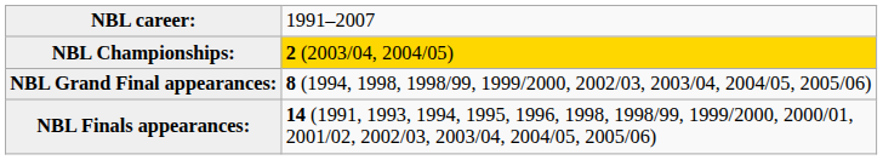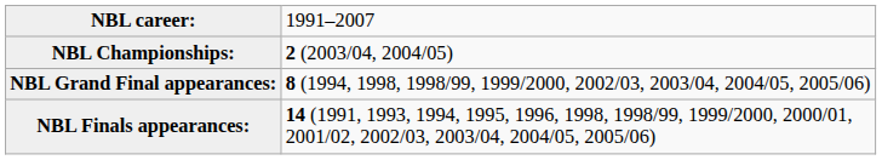 <table class="wikitable">
 <tr align=left>
 <th style="background:#efefef;">NBL career:</th>
 <td>1991–2007</td>
 </tr>
 <tr>
 <th style="background:#efefef;">NBL Championships:</th>
-<td style="background: gold;"><strong>2</strong> (2003/04, 2004/05)</td>
+<td><strong>2</strong> (2003/04, 2004/05)</td>
 </tr>
 <tr>
 <th style="background:#efefef;">NBL Grand Final appearances:</th>
 <td><strong>8</strong> (1994, 1998, 1998/99, 1999/2000, 2002/03, 2003/04, 2004/05, 2005/06)</td>
 </tr>
 <tr>
 <th style="background:#efefef;">NBL Finals appearances:</th>
 <td><strong>14</strong> (1991, 1993, 1994, 1995, 1996, 1998, 1998/99, 1999/2000, 2000/01, <br>2001/02, 2002/03, 2003/04, 2004/05, 2005/06)</td>
 </tr>
 </table>
